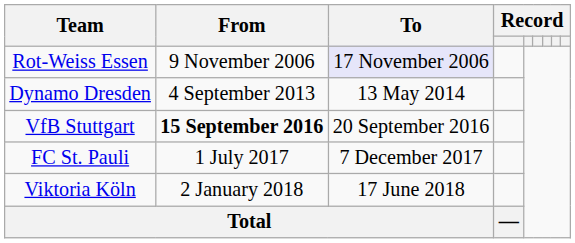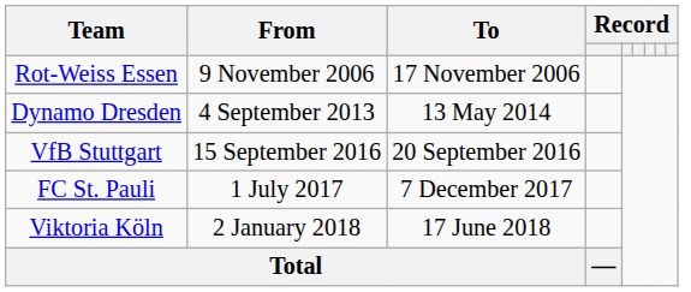 <table class="wikitable" style="text-align: center">
 <tr>
 <th rowspan="2">Team</th>
 <th rowspan="2">From</th>
 <th rowspan="2">To</th>
 <th colspan="6">Record</th>
 </tr>
 <tr>
 <th></th>
 <th></th>
 <th></th>
 <th></th>
 <th></th>
 <th></th>
 </tr>
 <tr>
 <td><a href='#'>Rot-Weiss Essen</a></td>
 <td>9 November 2006</td>
-<td style="background: lavender;">17 November 2006<br></td>
+<td>17 November 2006<br></td>
 <td></td>
 </tr>
 <tr>
 <td><a href='#'>Dynamo Dresden</a></td>
 <td>4 September 2013</td>
 <td>13 May 2014<br></td>
 <td></td>
 </tr>
 <tr>
 <td><a href='#'>VfB Stuttgart</a></td>
-<td><strong>15 September 2016</strong></td>
+<td>15 September 2016</td>
 <td>20 September 2016<br></td>
 <td></td>
 </tr>
 <tr>
 <td><a href='#'>FC St. Pauli</a></td>
 <td>1 July 2017</td>
 <td>7 December 2017<br></td>
 <td></td>
 </tr>
 <tr>
 <td><a href='#'>Viktoria Köln</a></td>
 <td>2 January 2018</td>
 <td>17 June 2018<br></td>
 <td></td>
 </tr>
 <tr>
 <th colspan="3">Total<br></th>
 <th>—</th>
 </tr>
 </table>
